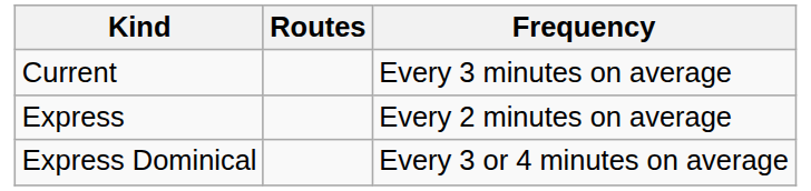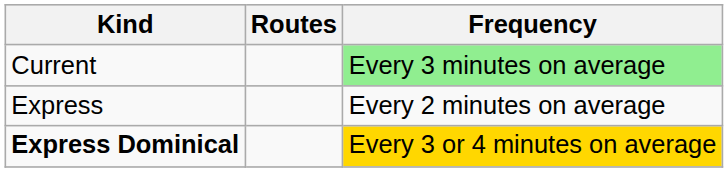 <table class="wikitable" style="margin:1em auto;">
 <tr>
 <th>Kind</th>
 <th>Routes</th>
 <th>Frequency</th>
 </tr>
 <tr>
 <td>Current</td>
 <td>  </td>
-<td>Every 3 minutes on average</td>
+<td style="background: lightgreen;">Every 3 minutes on average</td>
 </tr>
 <tr>
 <td>Express</td>
 <td> </td>
 <td>Every 2 minutes on average</td>
 </tr>
 <tr>
-<td>Express Dominical</td>
+<td><strong>Express Dominical</strong></td>
 <td></td>
-<td>Every 3 or 4 minutes on average</td>
+<td style="background: gold;">Every 3 or 4 minutes on average</td>
 </tr>
 </table>
